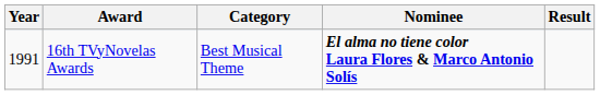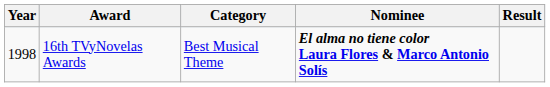 <table class="wikitable">
 <tr style="background:#b0c4de;">
 <th>Year</th>
 <th>Award</th>
 <th>Category</th>
 <th>Nominee</th>
 <th>Result</th>
 </tr>
 <tr>
-<td>1991</td>
+<td>1998</td>
 <td><a href='#'>16th TVyNovelas Awards</a></td>
 <td><a href='#'>Best Musical Theme</a></td>
 <td><strong><em>El alma no tiene color</em><br><a href='#'>Laura Flores</a> & <a href='#'>Marco Antonio Solís</a></strong></td>
 <td></td>
 </tr>
 </table>
